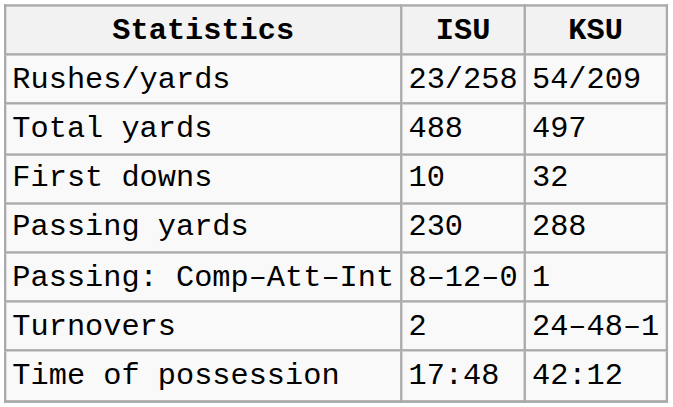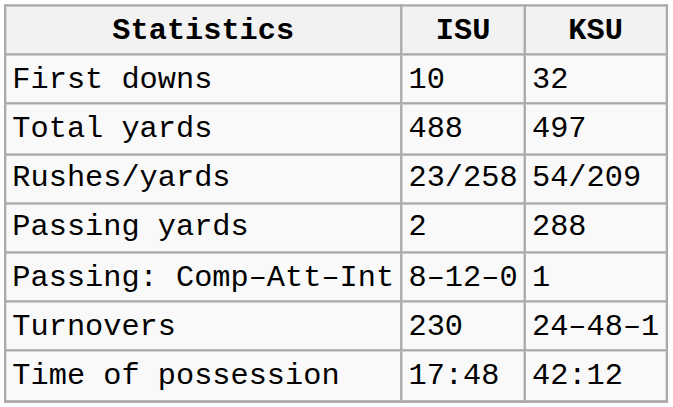 <table class="wikitable" style="float: left;">
 <tr>
 <th>Statistics</th>
 <th>ISU</th>
 <th>KSU</th>
 </tr>
 <tr>
-<td>Rushes/yards</td>
-<td>23/258</td>
-<td>54/209</td>
+<td>First downs</td>
+<td>10</td>
+<td>32</td>
 </tr>
 <tr>
 <td>Total yards</td>
 <td>488</td>
 <td>497</td>
 </tr>
 <tr>
-<td>First downs</td>
-<td>10</td>
-<td>32</td>
+<td>Rushes/yards</td>
+<td>23/258</td>
+<td>54/209</td>
 </tr>
 <tr>
 <td>Passing yards</td>
-<td>230</td>
+<td>2</td>
 <td>288</td>
 </tr>
 <tr>
 <td>Passing: Comp–Att–Int</td>
 <td>8–12–0</td>
 <td>1</td>
 </tr>
 <tr>
 <td>Turnovers</td>
-<td>2</td>
+<td>230</td>
 <td>24–48–1</td>
 </tr>
 <tr>
 <td>Time of possession</td>
 <td>17:48</td>
 <td>42:12</td>
 </tr>
 <tr>
 </tr>
 </table>
